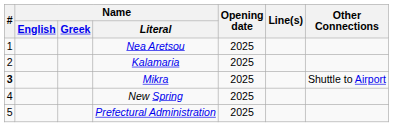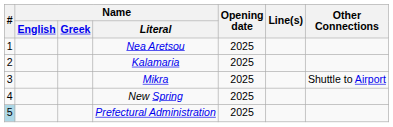 <table class="wikitable" style="text-align: center;">
 <tr>
 <th rowspan="2">#</th>
 <th colspan="3">Name</th>
 <th rowspan="2">Opening<br>date</th>
 <th rowspan="2">Line(s)</th>
 <th rowspan="2">Other<br>Connections</th>
 </tr>
 <tr>
 <th><a href='#'>English</a></th>
 <th><a href='#'>Greek</a></th>
 <th><em>Literal</em></th>
 </tr>
 <tr>
 <td>1</td>
 <td></td>
 <td></td>
 <td><em><a href='#'>Nea Aretsou</a></em></td>
 <td>2025</td>
 <td></td>
 <td></td>
 </tr>
 <tr>
 <td>2</td>
 <td></td>
 <td></td>
 <td><em><a href='#'>Kalamaria</a></em></td>
 <td>2025</td>
 <td></td>
 <td></td>
 </tr>
 <tr>
-<td><strong>3</strong></td>
+<td>3</td>
 <td></td>
 <td></td>
 <td><em><a href='#'>Mikra</a></em></td>
 <td>2025</td>
 <td></td>
 <td>Shuttle to <a href='#'>Airport</a></td>
 </tr>
 <tr>
 <td>4</td>
 <td></td>
 <td></td>
 <td><em>New <a href='#'>Spring</a></em></td>
 <td>2025</td>
 <td></td>
 <td></td>
 </tr>
 <tr>
-<td>5</td>
+<td style="background: lightblue;">5</td>
 <td></td>
 <td></td>
 <td><em><a href='#'>Prefectural Administration</a></em></td>
 <td>2025</td>
 <td></td>
 <td></td>
 </tr>
 </table>
